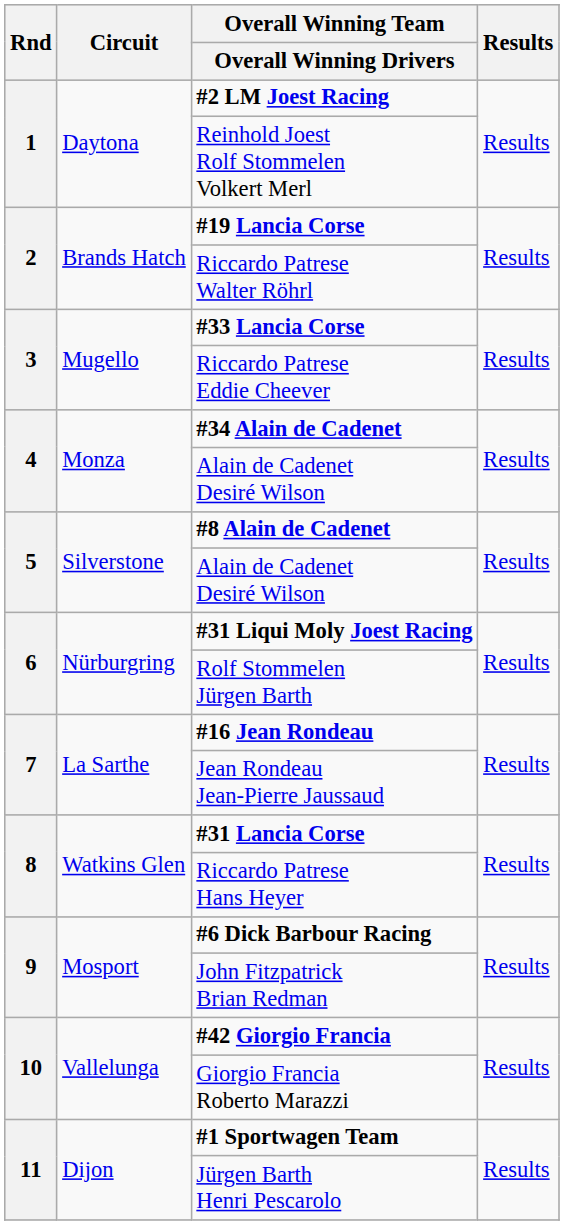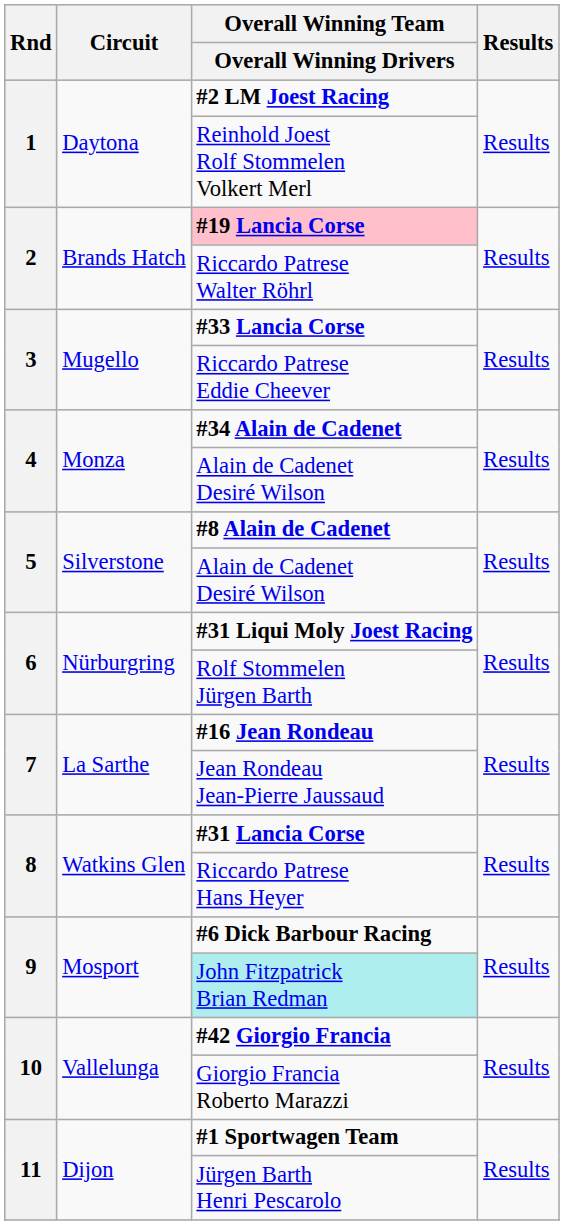 <table class="wikitable" style="font-size: 90%;">
 <tr>
 <th rowspan=2>Rnd</th>
 <th rowspan=2>Circuit</th>
 <th>Overall Winning Team</th>
 <th rowspan=2>Results</th>
 </tr>
 <tr>
 <th>Overall Winning Drivers</th>
 </tr>
 <tr>
 <th rowspan=2>1</th>
 <td rowspan=2><a href='#'>Daytona</a></td>
 <td><strong> #2 LM <a href='#'>Joest Racing</a></strong></td>
 <td rowspan=2><a href='#'>Results</a></td>
 </tr>
 <tr>
 <td> <a href='#'>Reinhold Joest</a><br> <a href='#'>Rolf Stommelen</a><br> Volkert Merl</td>
 </tr>
 <tr>
 <th rowspan=2>2</th>
 <td rowspan=2><a href='#'>Brands Hatch</a></td>
-<td><strong> #19 <a href='#'>Lancia Corse</a></strong></td>
+<td style="background: pink;"><strong> #19 <a href='#'>Lancia Corse</a></strong></td>
 <td rowspan=2><a href='#'>Results</a></td>
 </tr>
 <tr>
 <td> <a href='#'>Riccardo Patrese</a><br> <a href='#'>Walter Röhrl</a></td>
 </tr>
 <tr>
 <th rowspan=2>3</th>
 <td rowspan=2><a href='#'>Mugello</a></td>
 <td><strong> #33 <a href='#'>Lancia Corse</a></strong></td>
 <td rowspan=2><a href='#'>Results</a></td>
 </tr>
 <tr>
 <td> <a href='#'>Riccardo Patrese</a><br> <a href='#'>Eddie Cheever</a></td>
 </tr>
 <tr>
 <th rowspan=2>4</th>
 <td rowspan=2><a href='#'>Monza</a></td>
 <td><strong> #34 <a href='#'>Alain de Cadenet</a></strong></td>
 <td rowspan=2><a href='#'>Results</a></td>
 </tr>
 <tr>
 <td> <a href='#'>Alain de Cadenet</a><br> <a href='#'>Desiré Wilson</a></td>
 </tr>
 <tr>
 <th rowspan=2>5</th>
 <td rowspan=2><a href='#'>Silverstone</a></td>
 <td><strong> #8 <a href='#'>Alain de Cadenet</a></strong></td>
 <td rowspan=2><a href='#'>Results</a></td>
 </tr>
 <tr>
 <td> <a href='#'>Alain de Cadenet</a><br> <a href='#'>Desiré Wilson</a></td>
 </tr>
 <tr>
 <th rowspan=2>6</th>
 <td rowspan=2><a href='#'>Nürburgring</a></td>
 <td><strong> #31 Liqui Moly <a href='#'>Joest Racing</a></strong></td>
 <td rowspan=2><a href='#'>Results</a></td>
 </tr>
 <tr>
 <td> <a href='#'>Rolf Stommelen</a><br> <a href='#'>Jürgen Barth</a></td>
 </tr>
 <tr>
 <th rowspan=2>7</th>
 <td rowspan=2><a href='#'>La Sarthe</a></td>
 <td><strong> #16 <a href='#'>Jean Rondeau</a></strong></td>
 <td rowspan=2><a href='#'>Results</a></td>
 </tr>
 <tr>
 <td> <a href='#'>Jean Rondeau</a><br> <a href='#'>Jean-Pierre Jaussaud</a></td>
 </tr>
 <tr>
 <th rowspan=2>8</th>
 <td rowspan=2><a href='#'>Watkins Glen</a></td>
 <td><strong> #31 <a href='#'>Lancia Corse</a></strong></td>
 <td rowspan=2><a href='#'>Results</a></td>
 </tr>
 <tr>
 <td> <a href='#'>Riccardo Patrese</a><br> <a href='#'>Hans Heyer</a></td>
 </tr>
 <tr>
 <th rowspan=2>9</th>
 <td rowspan=2><a href='#'>Mosport</a></td>
 <td><strong> #6 Dick Barbour Racing</strong></td>
 <td rowspan=2><a href='#'>Results</a></td>
 </tr>
 <tr>
-<td> <a href='#'>John Fitzpatrick</a><br> <a href='#'>Brian Redman</a></td>
+<td style="background: paleturquoise;"> <a href='#'>John Fitzpatrick</a><br> <a href='#'>Brian Redman</a></td>
 </tr>
 <tr>
 <th rowspan=2>10</th>
 <td rowspan=2><a href='#'>Vallelunga</a></td>
 <td><strong> #42 <a href='#'>Giorgio Francia</a></strong></td>
 <td rowspan=2><a href='#'>Results</a></td>
 </tr>
 <tr>
 <td> <a href='#'>Giorgio Francia</a><br> Roberto Marazzi</td>
 </tr>
 <tr>
 <th rowspan=2>11</th>
 <td rowspan=2><a href='#'>Dijon</a></td>
 <td><strong> #1 Sportwagen Team</strong></td>
 <td rowspan=2><a href='#'>Results</a></td>
 </tr>
 <tr>
 <td> <a href='#'>Jürgen Barth</a><br> <a href='#'>Henri Pescarolo</a></td>
 </tr>
 </table>
